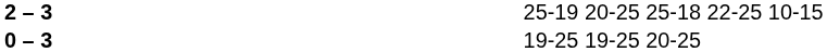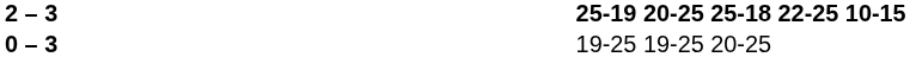 <table width=100% cellspacing=1>
 <tr>
 <th width=20%></th>
 <th width=12%></th>
 <th width=20%></th>
 <th width=33%></th>
 <td></td>
 </tr>
 <tr style=font-size:90%>
 <td align=right></td>
 <td align=center><strong>2 – 3</strong></td>
 <td></td>
-<td>25-19 20-25 25-18 22-25 10-15</td>
+<td><strong>25-19 20-25 25-18 22-25 10-15</strong></td>
 <td></td>
 </tr>
 <tr style=font-size:90%>
 <td align=right></td>
 <td align=center><strong>0 – 3</strong></td>
 <td></td>
 <td>19-25 19-25 20-25</td>
 </tr>
 </table>
